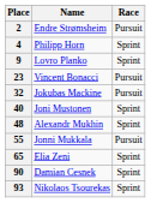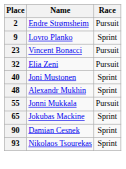 <table class="wikitable plainrowheaders" style="font-size:80%; text-align:center; display:inline-table;">
 <tr>
 <th>Place</th>
 <th>Name</th>
 <th>Race</th>
 </tr>
 <tr>
 <th>2</th>
 <td style="text-align:left"> <a href='#'>Endre Strømsheim</a></td>
 <td>Pursuit</td>
-</tr>
-<tr>
-<th>4</th>
-<td style="text-align:left"> <a href='#'>Philipp Horn</a></td>
-<td>Sprint</td>
 </tr>
 <tr>
 <th>9</th>
 <td style="text-align:left"> <a href='#'>Lovro Planko</a></td>
 <td>Sprint</td>
 </tr>
 <tr>
 <th>23</th>
 <td style="text-align:left"> <a href='#'>Vincent Bonacci</a></td>
 <td>Pursuit</td>
 </tr>
 <tr>
 <th>32</th>
-<td style="text-align:left"> <a href='#'>Jokubas Mackine</a></td>
+<td style="text-align:left"> <a href='#'>Elia Zeni</a></td>
 <td>Pursuit</td>
 </tr>
 <tr>
 <th>40</th>
 <td style="text-align:left"> <a href='#'>Joni Mustonen</a></td>
 <td>Sprint</td>
 </tr>
 <tr>
 <th>48</th>
 <td style="text-align:left"> <a href='#'>Alexandr Mukhin</a></td>
 <td>Sprint</td>
 </tr>
 <tr>
 <th>55</th>
 <td style="text-align:left"> <a href='#'>Jonni Mukkala</a></td>
 <td>Pursuit</td>
 </tr>
 <tr>
 <th>65</th>
-<td style="text-align:left"> <a href='#'>Elia Zeni</a></td>
+<td style="text-align:left"> <a href='#'>Jokubas Mackine</a></td>
 <td>Sprint</td>
 </tr>
 <tr>
 <th>90</th>
 <td style="text-align:left"> <a href='#'>Damian Cesnek</a></td>
 <td>Sprint</td>
 </tr>
 <tr>
 <th>93</th>
 <td style="text-align:left"> <a href='#'>Nikolaos Tsourekas</a></td>
 <td>Sprint</td>
 </tr>
 </table>
